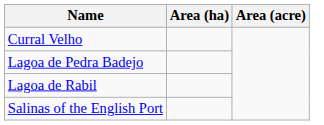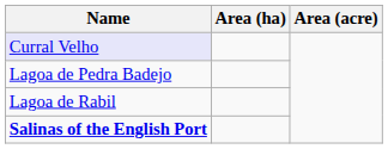 <table class="wikitable sortable">
 <tr>
 <th scope="col" align=left>Name</th>
 <th scope="col">Area (ha)</th>
 <th scope="col">Area (acre)</th>
 </tr>
 <tr ---->
-<td><a href='#'>Curral Velho</a></td>
+<td style="background: lavender;"><a href='#'>Curral Velho</a></td>
 <td></td>
 </tr>
 <tr ---->
 <td><a href='#'>Lagoa de Pedra Badejo</a></td>
 <td></td>
 </tr>
 <tr ---->
 <td><a href='#'>Lagoa de Rabil</a></td>
 <td></td>
 </tr>
 <tr ---->
-<td><a href='#'>Salinas of the English Port</a></td>
+<td><strong><a href='#'>Salinas of the English Port</a></strong></td>
 <td></td>
 </tr>
 </table>
